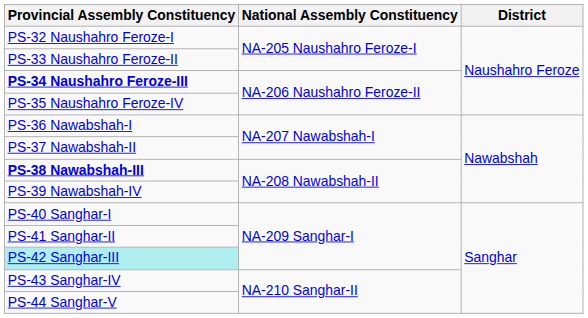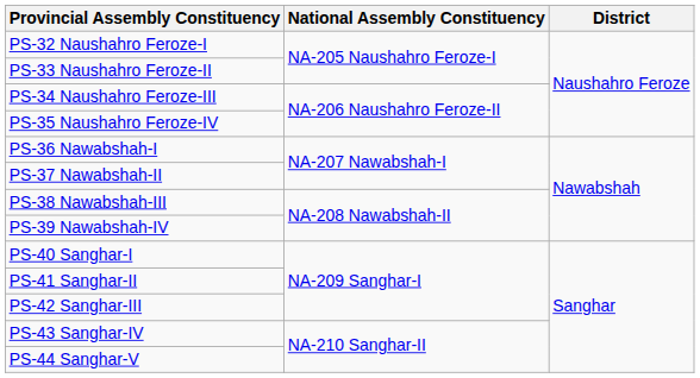 <table class="wikitable sortable static-row-numbers static-row-header-hash">
 <tr>
 <th>Provincial Assembly Constituency</th>
 <th>National Assembly Constituency</th>
 <th>District</th>
 </tr>
 <tr>
 <td><a href='#'>PS-32 Naushahro Feroze-I</a></td>
 <td rowspan="2"><a href='#'>NA-205 Naushahro Feroze-I</a></td>
 <td rowspan="4"><a href='#'>Naushahro Feroze</a></td>
 </tr>
 <tr>
 <td><a href='#'>PS-33 Naushahro Feroze-II</a></td>
 </tr>
 <tr>
-<td><strong><a href='#'>PS-34 Naushahro Feroze-III</a></strong></td>
+<td><a href='#'>PS-34 Naushahro Feroze-III</a></td>
 <td rowspan="2"><a href='#'>NA-206 Naushahro Feroze-II</a></td>
 </tr>
 <tr>
 <td><a href='#'>PS-35 Naushahro Feroze-IV</a></td>
 </tr>
 <tr>
 <td><a href='#'>PS-36 Nawabshah-I</a></td>
 <td rowspan="2"><a href='#'>NA-207 Nawabshah-I</a></td>
 <td rowspan="4"><a href='#'>Nawabshah</a></td>
 </tr>
 <tr>
 <td><a href='#'>PS-37 Nawabshah-II</a></td>
 </tr>
 <tr>
-<td><strong><a href='#'>PS-38 Nawabshah-III</a></strong></td>
+<td><a href='#'>PS-38 Nawabshah-III</a></td>
 <td rowspan="2"><a href='#'>NA-208 Nawabshah-II</a></td>
 </tr>
 <tr>
 <td><a href='#'>PS-39 Nawabshah-IV</a></td>
 </tr>
 <tr>
 <td><a href='#'>PS-40 Sanghar-I</a></td>
 <td rowspan="3"><a href='#'>NA-209 Sanghar-I</a></td>
 <td rowspan="5"><a href='#'>Sanghar</a></td>
 </tr>
 <tr>
 <td><a href='#'>PS-41 Sanghar-II</a></td>
 </tr>
 <tr>
-<td style="background: paleturquoise;"><a href='#'>PS-42 Sanghar-III</a></td>
+<td><a href='#'>PS-42 Sanghar-III</a></td>
 </tr>
 <tr>
 <td><a href='#'>PS-43 Sanghar-IV</a></td>
 <td rowspan="2"><a href='#'>NA-210 Sanghar-II</a></td>
 </tr>
 <tr>
 <td><a href='#'>PS-44 Sanghar-V</a></td>
 </tr>
 </table>
